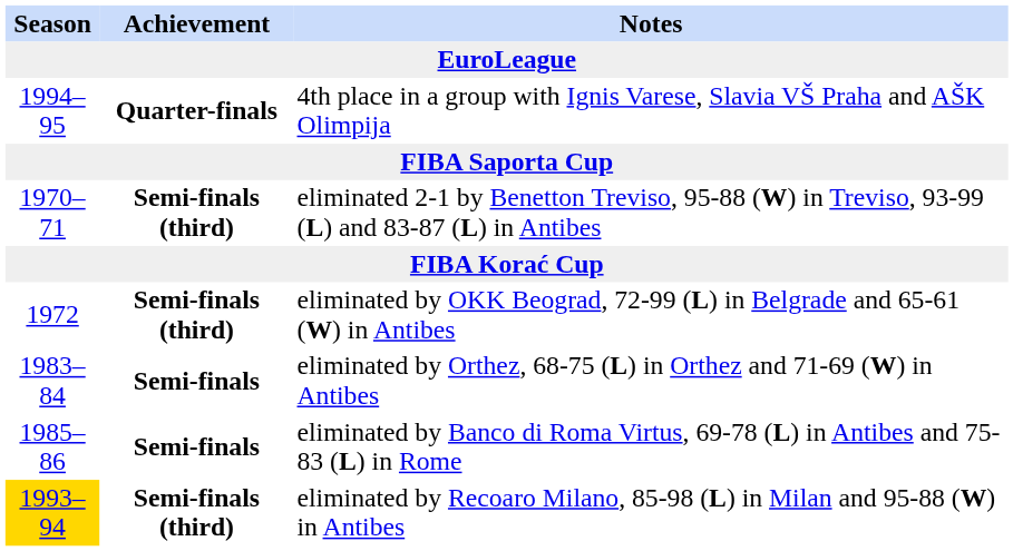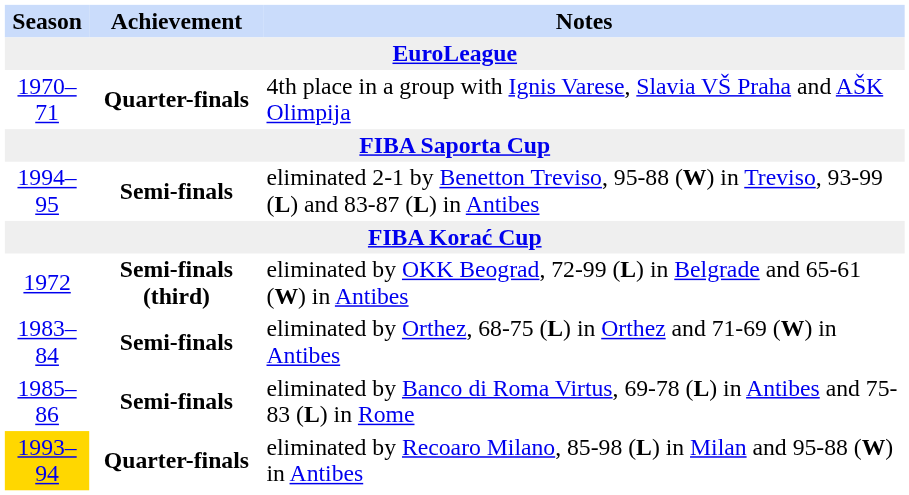 <table class="toccolours" border="0" cellpadding="2" cellspacing="0" align="left" style="margin:0.5em;">
 <tr bgcolor=#CADCFB>
 <th>Season</th>
 <th>Achievement</th>
 <th>Notes</th>
 </tr>
 <tr>
 <th colspan="4" bgcolor=#EFEFEF><a href='#'>EuroLeague</a></th>
 </tr>
 <tr>
-<td align="center"><a href='#'>1994–95</a></td>
+<td align="center"><a href='#'>1970–71</a></td>
 <td align="center"><strong>Quarter-finals</strong></td>
 <td align="left">4th place in a group with <a href='#'>Ignis Varese</a>, <a href='#'>Slavia VŠ Praha</a> and <a href='#'>AŠK Olimpija</a></td>
 </tr>
 <tr>
 <th colspan="4" bgcolor=#EFEFEF><a href='#'>FIBA Saporta Cup</a></th>
 </tr>
 <tr>
-<td align="center"><a href='#'>1970–71</a></td>
-<td align="center"><strong>Semi-finals (third)</strong></td>
+<td align="center"><a href='#'>1994–95</a></td>
+<td align="center"><strong>Semi-finals</strong></td>
 <td align="left">eliminated 2-1 by <a href='#'>Benetton Treviso</a>, 95-88 (<strong>W</strong>) in <a href='#'>Treviso</a>, 93-99 (<strong>L</strong>) and 83-87 (<strong>L</strong>) in <a href='#'>Antibes</a></td>
 </tr>
 <tr>
 <th colspan="4" bgcolor=#EFEFEF><a href='#'>FIBA Korać Cup</a></th>
 </tr>
 <tr>
 <td align="center"><a href='#'>1972</a></td>
 <td align="center"><strong>Semi-finals (third)</strong></td>
 <td align="left">eliminated by <a href='#'>OKK Beograd</a>, 72-99 (<strong>L</strong>) in <a href='#'>Belgrade</a> and 65-61 (<strong>W</strong>) in <a href='#'>Antibes</a></td>
 </tr>
 <tr>
 <td align="center"><a href='#'>1983–84</a></td>
 <td align="center"><strong>Semi-finals</strong></td>
 <td align="left">eliminated by <a href='#'>Orthez</a>, 68-75 (<strong>L</strong>) in <a href='#'>Orthez</a> and 71-69 (<strong>W</strong>) in <a href='#'>Antibes</a></td>
 </tr>
 <tr>
 <td align="center"><a href='#'>1985–86</a></td>
 <td align="center"><strong>Semi-finals</strong></td>
 <td align="left">eliminated by <a href='#'>Banco di Roma Virtus</a>, 69-78 (<strong>L</strong>) in <a href='#'>Antibes</a> and 75-83 (<strong>L</strong>) in <a href='#'>Rome</a></td>
 </tr>
 <tr>
 <td align="center" style="background: gold;"><a href='#'>1993–94</a></td>
-<td align="center"><strong>Semi-finals (third)</strong></td>
+<td align="center"><strong>Quarter-finals</strong></td>
 <td align="left">eliminated by <a href='#'>Recoaro Milano</a>, 85-98 (<strong>L</strong>) in <a href='#'>Milan</a> and 95-88 (<strong>W</strong>) in <a href='#'>Antibes</a></td>
 </tr>
 </table>
